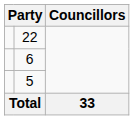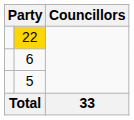 <table class="wikitable">
 <tr>
 <th colspan=2>Party</th>
 <th>Councillors</th>
 </tr>
 <tr>
 <td></td>
-<td align=center>22</td>
+<td align=center style="background: gold;">22</td>
 </tr>
 <tr>
 <td></td>
 <td align=center>6</td>
 </tr>
 <tr>
 <td></td>
 <td align=center>5</td>
 </tr>
 <tr>
 <th colspan=2>Total</th>
 <th align=center>33</th>
 </tr>
 </table>
